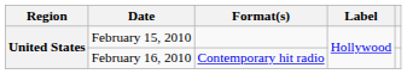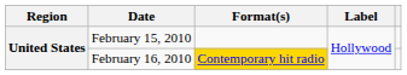 <table class="wikitable plainrowheaders">
 <tr>
 <th scope="col">Region</th>
 <th scope="col">Date</th>
 <th scope="col">Format(s)</th>
 <th scope="col">Label</th>
 <th scope="col"></th>
 </tr>
 <tr>
 <th rowspan="2" scope="row">United States</th>
 <td>February 15, 2010</td>
 <td></td>
 <td rowspan="2"><a href='#'>Hollywood</a></td>
 <td align="center"></td>
 </tr>
 <tr>
 <td>February 16, 2010</td>
-<td><a href='#'>Contemporary hit radio</a></td>
+<td style="background: gold;"><a href='#'>Contemporary hit radio</a></td>
 <td align="center"></td>
 </tr>
 </table>
